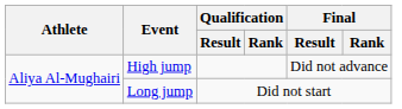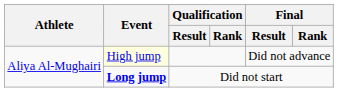 <table class="wikitable" style="font-size:90%; text-align:center">
 <tr>
 <th rowspan="2">Athlete</th>
 <th rowspan="2">Event</th>
 <th colspan="2">Qualification</th>
 <th colspan="2">Final</th>
 </tr>
 <tr>
 <th>Result</th>
 <th>Rank</th>
 <th>Result</th>
 <th>Rank</th>
 </tr>
 <tr>
 <td align="left" rowspan=2><a href='#'>Aliya Al-Mughairi</a></td>
-<td align="left"><a href='#'>High jump</a></td>
+<td align="left" style="background: lightyellow;"><a href='#'>High jump</a></td>
 <td colspan="2"></td>
 <td colspan="2">Did not advance</td>
 </tr>
 <tr>
-<td align="left"><a href='#'>Long jump</a></td>
+<td align="left"><strong><a href='#'>Long jump</a></strong></td>
 <td colspan="6">Did not start</td>
 </tr>
 </table>
